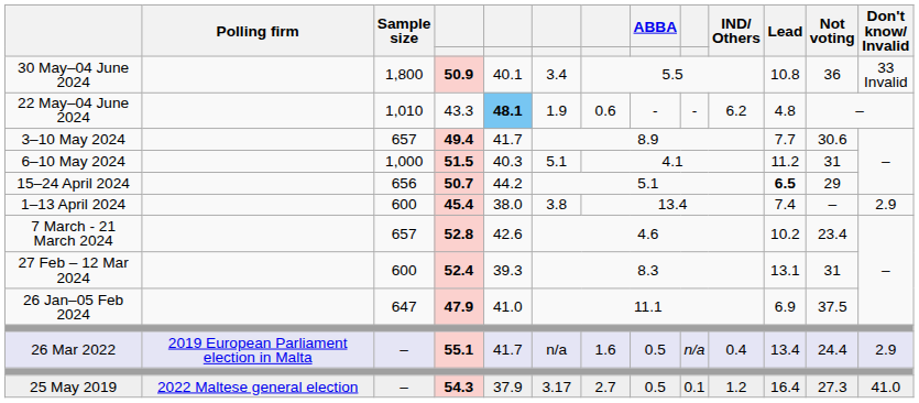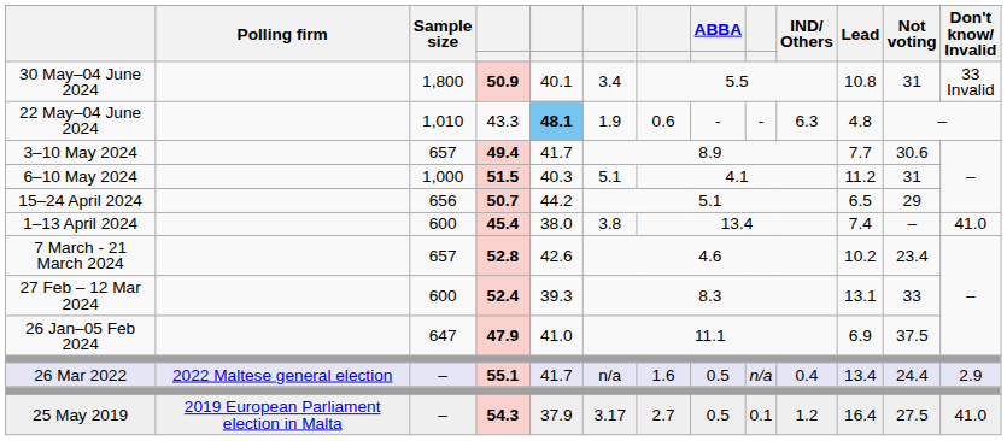 <table class="wikitable sortable" style="text-align:center;font-size:90%;line-height:14px;">
 <tr style="height:40px;">
 <th rowspan="2"></th>
 <th rowspan="2">Polling firm</th>
 <th style="width:35px;" rowspan="2">Sample<br>size</th>
 <th class="unsortable" style="width:40px;"></th>
 <th class="unsortable" style="width:40px;"></th>
 <th class="unsortable" style="width:40px;"></th>
 <th class="unsortable" style="width:40px;"></th>
 <th><strong><a href='#'>ABBA</a></strong></th>
 <th></th>
 <th rowspan="2">IND/<br>Others</th>
 <th rowspan="2" style="width:30px;">Lead</th>
 <th class="unsortable" style="width:40px;" rowspan="2">Not<br>voting</th>
 <th class="unsortable" style="width:40px;" rowspan="2">Don't<br>know/<br>Invalid</th>
 </tr>
 <tr>
 <th style="background:"></th>
 <th style="background:"></th>
 <th style="background:"></th>
 <th style="background:"></th>
 <th style="background:"></th>
 <th style="background:"></th>
 </tr>
 <tr>
 <td>30 May–04 June 2024</td>
 <td></td>
 <td>1,800</td>
 <td style="background:#FBD1CE;"><strong>50.9</strong></td>
 <td>40.1</td>
 <td>3.4</td>
 <td colspan="4">5.5</td>
 <td style="background:">10.8</td>
-<td>36</td>
+<td>31</td>
 <td>33 Invalid</td>
 </tr>
 <tr>
 <td>22 May–04 June 2024</td>
 <td></td>
 <td>1,010</td>
 <td>43.3</td>
 <td style="background:#77c6f2;"><strong>48.1</strong></td>
 <td>1.9</td>
 <td>0.6</td>
 <td>-</td>
 <td>-</td>
-<td>6.2</td>
+<td>6.3</td>
 <td style="background:">4.8</td>
 <td colspan="2">–</td>
 </tr>
 <tr>
 <td>3–10 May 2024</td>
 <td></td>
 <td>657</td>
 <td style="background:#FBD1CE;"><strong>49.4</strong></td>
 <td>41.7</td>
 <td colspan="5">8.9</td>
 <td style="background:">7.7</td>
 <td>30.6</td>
 <td rowspan="3">–</td>
 </tr>
 <tr>
 <td>6–10 May 2024</td>
 <td></td>
 <td>1,000</td>
 <td style="background:#FBD1CE;"><strong>51.5</strong></td>
 <td>40.3</td>
 <td>5.1</td>
 <td colspan="4">4.1</td>
 <td style="background:">11.2</td>
 <td>31</td>
 </tr>
 <tr>
 <td>15–24 April 2024</td>
 <td></td>
 <td>656</td>
 <td style="background:#FBD1CE;"><strong>50.7</strong></td>
 <td>44.2</td>
 <td colspan="5">5.1</td>
-<td style="background:"><strong>6.5</strong></td>
+<td style="background:">6.5</td>
 <td>29</td>
 </tr>
 <tr>
 <td>1–13 April 2024</td>
 <td></td>
 <td>600</td>
 <td style="background:#FBD1CE;"><strong>45.4</strong></td>
 <td>38.0</td>
 <td>3.8</td>
 <td colspan=4>13.4</td>
 <td style="background:">7.4</td>
 <td>–</td>
-<td>2.9</td>
+<td>41.0</td>
 </tr>
 <tr>
 <td>7 March - 21 March 2024</td>
 <td></td>
 <td>657</td>
 <td style="background:#FBD1CE;"><strong>52.8</strong></td>
 <td>42.6</td>
 <td colspan="5">4.6</td>
 <td style="background:">10.2</td>
 <td>23.4</td>
 <td rowspan="3">–</td>
 </tr>
 <tr>
 <td data-sort-value="2024-03-17">27 Feb – 12 Mar 2024</td>
 <td></td>
 <td>600</td>
 <td style="background:#FBD1CE;"><strong>52.4</strong></td>
 <td>39.3</td>
 <td colspan="5">8.3</td>
 <td style="background:">13.1</td>
-<td>31</td>
+<td>33</td>
 </tr>
 <tr>
 <td data-sort-value="2024-02-11">26 Jan–05 Feb 2024</td>
 <td></td>
 <td>647</td>
 <td style="background:#FBD1CE;"><strong>47.9</strong></td>
 <td>41.0</td>
 <td colspan="5">11.1</td>
 <td style="background:">6.9</td>
 <td>37.5</td>
 </tr>
 <tr>
 <td colspan="13" style="background:#A0A0A0"></td>
 </tr>
 <tr style="background:#E5E5F5;">
 <td>26 Mar 2022</td>
-<td><a href='#'>2019 European Parliament election in Malta</a></td>
+<td><a href='#'>2022 Maltese general election</a></td>
 <td>–</td>
 <td style="background:#FBD1CE;"><strong>55.1</strong></td>
 <td>41.7</td>
 <td>n/a</td>
 <td>1.6</td>
 <td>0.5</td>
 <td><em>n/a</em></td>
 <td>0.4</td>
 <td style="background:">13.4</td>
 <td>24.4</td>
 <td>2.9</td>
 </tr>
 <tr>
 <td colspan="13" style="background:#A0A0A0"></td>
 </tr>
 <tr style="background:#EFEFEF">
 <td data-sort-value="2019-05-25">25 May 2019</td>
-<td><a href='#'>2022 Maltese general election</a></td>
+<td><a href='#'>2019 European Parliament election in Malta</a></td>
 <td>–</td>
 <td style="background:#FBD1CE;"><strong>54.3</strong></td>
 <td>37.9</td>
 <td>3.17</td>
 <td>2.7</td>
 <td>0.5</td>
 <td>0.1</td>
 <td>1.2</td>
 <td style="background:">16.4</td>
-<td>27.3</td>
+<td>27.5</td>
 <td>41.0</td>
 </tr>
 </table>
